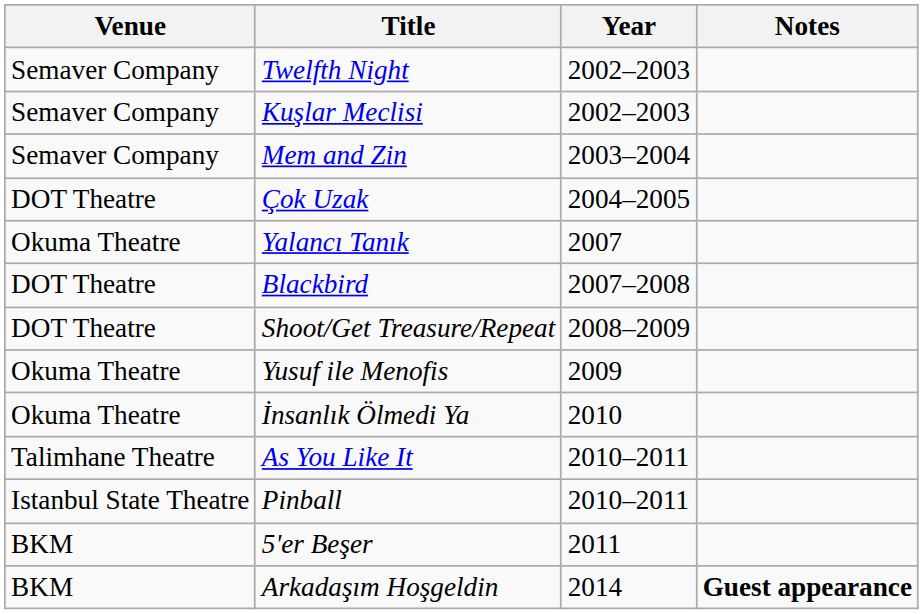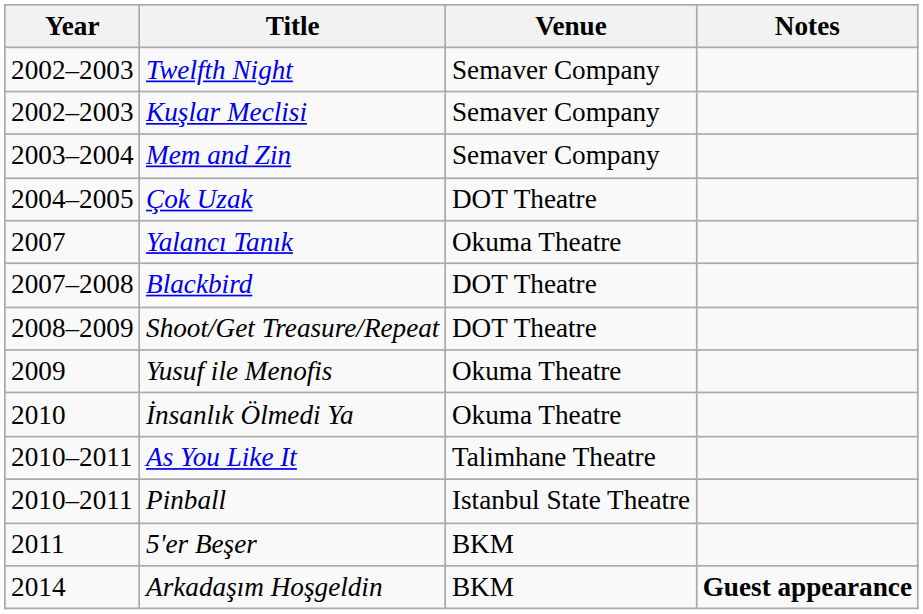 <table class="wikitable">
 <tr>
+<th>Year</th>
+<th>Title</th>
 <th>Venue</th>
-<th>Title</th>
-<th>Year</th>
 <th>Notes</th>
 </tr>
 <tr>
+<td>2002–2003</td>
+<td><em><a href='#'>Twelfth Night</a></em></td>
 <td>Semaver Company</td>
-<td><em><a href='#'>Twelfth Night</a></em></td>
-<td>2002–2003</td>
 <td></td>
 </tr>
 <tr>
+<td>2002–2003</td>
+<td><em><a href='#'>Kuşlar Meclisi</a></em></td>
 <td>Semaver Company</td>
-<td><em><a href='#'>Kuşlar Meclisi</a></em></td>
-<td>2002–2003</td>
 <td></td>
 </tr>
 <tr>
+<td>2003–2004</td>
+<td><em><a href='#'>Mem and Zin</a></em></td>
 <td>Semaver Company</td>
-<td><em><a href='#'>Mem and Zin</a></em></td>
-<td>2003–2004</td>
 <td></td>
 </tr>
 <tr>
+<td>2004–2005</td>
+<td><em><a href='#'>Çok Uzak</a></em></td>
 <td>DOT Theatre</td>
-<td><em><a href='#'>Çok Uzak</a></em></td>
-<td>2004–2005</td>
 <td></td>
 </tr>
 <tr>
+<td>2007</td>
+<td><em><a href='#'>Yalancı Tanık</a></em></td>
 <td>Okuma Theatre</td>
-<td><em><a href='#'>Yalancı Tanık</a></em></td>
-<td>2007</td>
 <td></td>
 </tr>
 <tr>
+<td>2007–2008</td>
+<td><em><a href='#'>Blackbird</a></em></td>
 <td>DOT Theatre</td>
-<td><em><a href='#'>Blackbird</a></em></td>
-<td>2007–2008</td>
 <td></td>
 </tr>
 <tr>
+<td>2008–2009</td>
+<td><em>Shoot/Get Treasure/Repeat</em></td>
 <td>DOT Theatre</td>
-<td><em>Shoot/Get Treasure/Repeat</em></td>
-<td>2008–2009</td>
 <td></td>
 </tr>
 <tr>
+<td>2009</td>
+<td><em>Yusuf ile Menofis</em></td>
 <td>Okuma Theatre</td>
-<td><em>Yusuf ile Menofis</em></td>
-<td>2009</td>
 <td></td>
 </tr>
 <tr>
+<td>2010</td>
+<td><em>İnsanlık Ölmedi Ya</em></td>
 <td>Okuma Theatre</td>
-<td><em>İnsanlık Ölmedi Ya</em></td>
-<td>2010</td>
 <td></td>
 </tr>
 <tr>
+<td>2010–2011</td>
+<td><em><a href='#'>As You Like It</a></em></td>
 <td>Talimhane Theatre</td>
-<td><em><a href='#'>As You Like It</a></em></td>
-<td>2010–2011</td>
 <td></td>
 </tr>
 <tr>
+<td>2010–2011</td>
+<td><em>Pinball</em></td>
 <td>Istanbul State Theatre</td>
-<td><em>Pinball</em></td>
-<td>2010–2011</td>
 <td></td>
 </tr>
 <tr>
+<td>2011</td>
+<td><em>5'er Beşer</em></td>
 <td>BKM</td>
-<td><em>5'er Beşer</em></td>
-<td>2011</td>
 <td></td>
 </tr>
 <tr>
+<td>2014</td>
+<td><em>Arkadaşım Hoşgeldin</em></td>
 <td>BKM</td>
-<td><em>Arkadaşım Hoşgeldin</em></td>
-<td>2014</td>
 <td><strong>Guest appearance</strong></td>
 </tr>
 </table>
